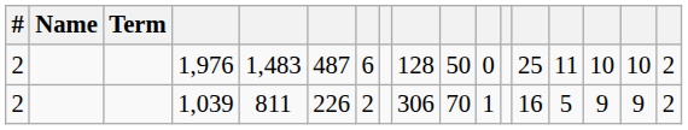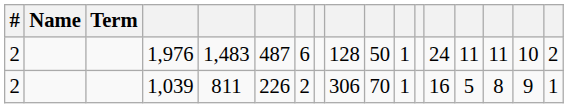 <table class="wikitable sortable" style="text-align:center;">
 <tr>
 <th scope="col">#</th>
 <th scope="col">Name</th>
 <th scope="col">Term</th>
 <th scope="col"></th>
 <th scope="col"></th>
 <th scope="col"></th>
 <th scope="col"></th>
 <th scope="col"></th>
 <th scope="col"></th>
 <th scope="col"></th>
 <th scope="col"></th>
 <th scope="col"></th>
 <th scope="col"></th>
 <th scope="col"></th>
 <th scope="col"></th>
 <th scope="col"></th>
 <th scope="col"></th>
 </tr>
 <tr>
 <td scope="row">2</td>
 <td></td>
 <td></td>
 <td>1,976</td>
 <td>1,483</td>
 <td>487</td>
 <td>6</td>
 <td></td>
 <td>128</td>
 <td>50</td>
-<td>0</td>
+<td>1</td>
 <td></td>
-<td>25</td>
+<td>24</td>
 <td>11</td>
-<td>10</td>
+<td>11</td>
 <td>10</td>
 <td>2</td>
 </tr>
 <tr>
 <td scope="row">2</td>
 <td></td>
 <td></td>
 <td>1,039</td>
 <td>811</td>
 <td>226</td>
 <td>2</td>
 <td></td>
 <td>306</td>
 <td>70</td>
 <td>1</td>
 <td></td>
 <td>16</td>
 <td>5</td>
+<td>8</td>
 <td>9</td>
-<td>9</td>
-<td>2</td>
+<td>1</td>
 </tr>
 </table>
